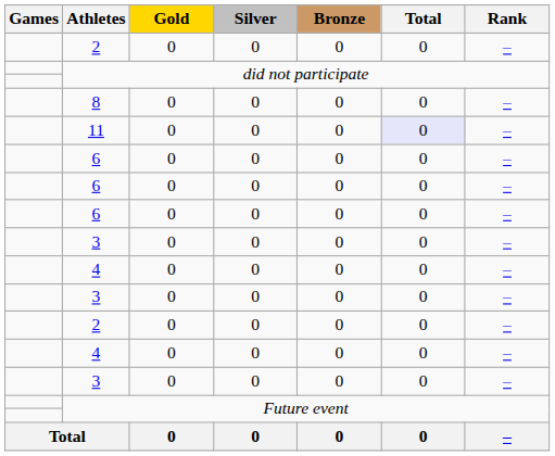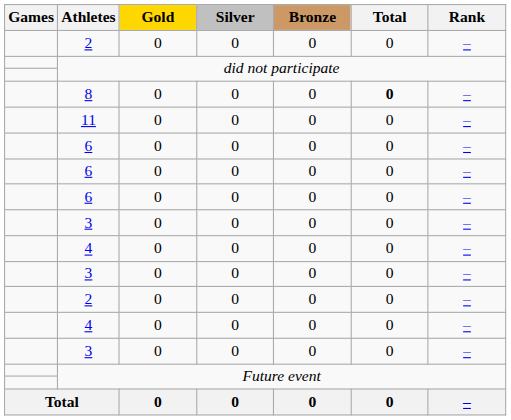 <table class="wikitable" style="text-align:center; font-size:90%;">
 <tr>
 <th>Games</th>
 <th>Athletes</th>
 <td style="background:gold; width:4.5em; font-weight:bold;">Gold</td>
 <td style="background:silver; width:4.5em; font-weight:bold;">Silver</td>
 <td style="background:#cc9966; width:4.5em; font-weight:bold;">Bronze</td>
 <th style="width:4.5em; font-weight:bold;">Total</th>
 <th style="width:4.5em; font-weight:bold;">Rank</th>
 </tr>
 <tr>
 <td align=left></td>
 <td><a href='#'>2</a></td>
 <td>0</td>
 <td>0</td>
 <td>0</td>
 <td>0</td>
 <td><a href='#'>–</a></td>
 </tr>
 <tr>
 <td align=left></td>
 <td colspan=12; rowspan=2><em>did not participate</em></td>
 </tr>
 <tr>
 <td align=left></td>
 </tr>
 <tr>
 <td align=left></td>
 <td><a href='#'>8</a></td>
 <td>0</td>
 <td>0</td>
 <td>0</td>
-<td>0</td>
+<td><strong>0</strong></td>
 <td><a href='#'>–</a></td>
 </tr>
 <tr>
 <td align=left></td>
 <td><a href='#'>11</a></td>
 <td>0</td>
 <td>0</td>
 <td>0</td>
-<td style="background: lavender;">0</td>
+<td>0</td>
 <td><a href='#'>–</a></td>
 </tr>
 <tr>
 <td align=left></td>
 <td><a href='#'>6</a></td>
 <td>0</td>
 <td>0</td>
 <td>0</td>
 <td>0</td>
 <td><a href='#'>–</a></td>
 </tr>
 <tr>
 <td align=left></td>
 <td><a href='#'>6</a></td>
 <td>0</td>
 <td>0</td>
 <td>0</td>
 <td>0</td>
 <td><a href='#'>–</a></td>
 </tr>
 <tr>
 <td align=left></td>
 <td><a href='#'>6</a></td>
 <td>0</td>
 <td>0</td>
 <td>0</td>
 <td>0</td>
 <td><a href='#'>–</a></td>
 </tr>
 <tr>
 <td align=left></td>
 <td><a href='#'>3</a></td>
 <td>0</td>
 <td>0</td>
 <td>0</td>
 <td>0</td>
 <td><a href='#'>–</a></td>
 </tr>
 <tr>
 <td align=left></td>
 <td><a href='#'>4</a></td>
 <td>0</td>
 <td>0</td>
 <td>0</td>
 <td>0</td>
 <td><a href='#'>–</a></td>
 </tr>
 <tr>
 <td align=left></td>
 <td><a href='#'>3</a></td>
 <td>0</td>
 <td>0</td>
 <td>0</td>
 <td>0</td>
 <td><a href='#'>–</a></td>
 </tr>
 <tr>
 <td align=left></td>
 <td><a href='#'>2</a></td>
 <td>0</td>
 <td>0</td>
 <td>0</td>
 <td>0</td>
 <td><a href='#'>–</a></td>
 </tr>
 <tr>
 <td align=left></td>
 <td><a href='#'>4</a></td>
 <td>0</td>
 <td>0</td>
 <td>0</td>
 <td>0</td>
 <td><a href='#'>–</a></td>
 </tr>
 <tr>
 <td align=left></td>
 <td><a href='#'>3</a></td>
 <td>0</td>
 <td>0</td>
 <td>0</td>
 <td>0</td>
 <td><a href='#'>–</a></td>
 </tr>
 <tr>
 <td align=left></td>
 <td colspan=6; rowspan=2><em>Future event</em></td>
 </tr>
 <tr>
 <td align=left></td>
 </tr>
 <tr>
 <th colspan=2>Total</th>
 <th>0</th>
 <th>0</th>
 <th>0</th>
 <th>0</th>
 <th><a href='#'>–</a></th>
 </tr>
 </table>
